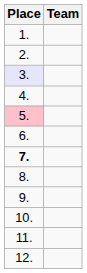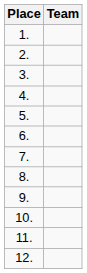 <table class="wikitable" style="text-align: center;">
 <tr>
 <th>Place</th>
 <th>Team</th>
 </tr>
 <tr>
 <td>1.</td>
 <td style="text-align:left;"></td>
 </tr>
 <tr>
 <td>2.</td>
 <td style="text-align:left;"></td>
 </tr>
 <tr>
-<td style="background: lavender;">3.</td>
+<td>3.</td>
 <td style="text-align:left;"></td>
 </tr>
 <tr>
 <td>4.</td>
 <td style="text-align:left;"></td>
 </tr>
 <tr>
-<td style="background: pink;">5.</td>
+<td>5.</td>
 <td style="text-align:left;"></td>
 </tr>
 <tr>
 <td>6.</td>
 <td style="text-align:left;"></td>
 </tr>
 <tr>
-<td><strong>7.</strong></td>
+<td>7.</td>
 <td style="text-align:left;"></td>
 </tr>
 <tr>
 <td>8.</td>
 <td style="text-align:left;"></td>
 </tr>
 <tr>
 <td>9.</td>
 <td style="text-align:left;"></td>
 </tr>
 <tr>
 <td>10.</td>
 <td style="text-align:left;"></td>
 </tr>
 <tr>
 <td>11.</td>
 <td style="text-align:left;"></td>
 </tr>
 <tr>
 <td>12.</td>
 <td style="text-align:left;"></td>
 </tr>
 </table>
